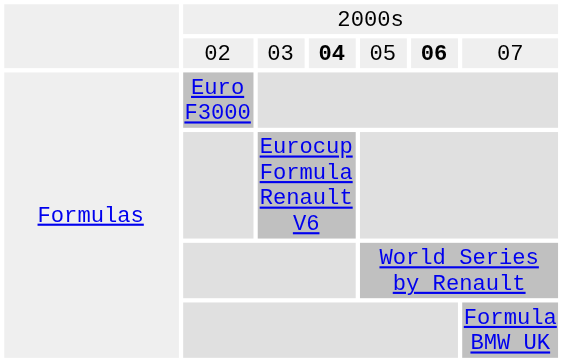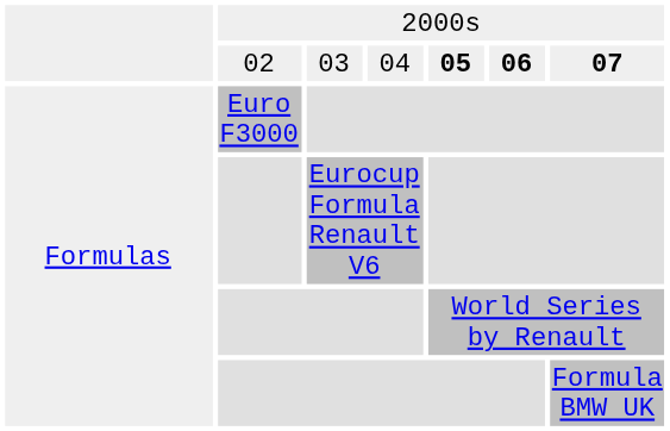 <table style="margin: 0.5em auto; clear: both; font-size:80%;" class="toccolours">
 <tr>
 <td align=center rowspan=2 width=80 style="background:#EFEFEF;"></td>
 <td align=center colspan=6 style="background:#EFEFEF;">2000s</td>
 </tr>
 <tr align=center style="background:#EFEFEF;">
 <td width=20>02</td>
 <td width=20>03</td>
-<td width=20><strong>04</strong></td>
-<td width=20>05</td>
+<td width=20>04</td>
+<td width=20><strong>05</strong></td>
 <td width=20><strong>06</strong></td>
-<td width=20>07</td>
+<td width=20><strong>07</strong></td>
 </tr>
 <tr align=center>
 <td style="background:#EFEFEF;" rowspan=4><a href='#'>Formulas</a></td>
 <td colspan= 1 style="background:#C0C0C0;"><a href='#'>Euro F3000</a></td>
 <td colspan= 5 style="background:#E0E0E0;"></td>
 </tr>
 <tr align=center>
 <td colspan= 1 style="background:#E0E0E0;"></td>
 <td colspan= 2 style="background:#C0C0C0;"><a href='#'>Eurocup Formula Renault V6</a></td>
 <td colspan= 3 style="background:#E0E0E0;"></td>
 </tr>
 <tr align=center>
 <td colspan= 3 style="background:#E0E0E0;"></td>
 <td colspan= 3 style="background:#C0C0C0;"><a href='#'>World Series by Renault</a></td>
 </tr>
 <tr align=center>
 <td colspan= 5 style="background:#E0E0E0;"></td>
 <td colspan= 1 style="background:#C0C0C0;"><a href='#'>Formula BMW UK</a></td>
 </tr>
 </table>
